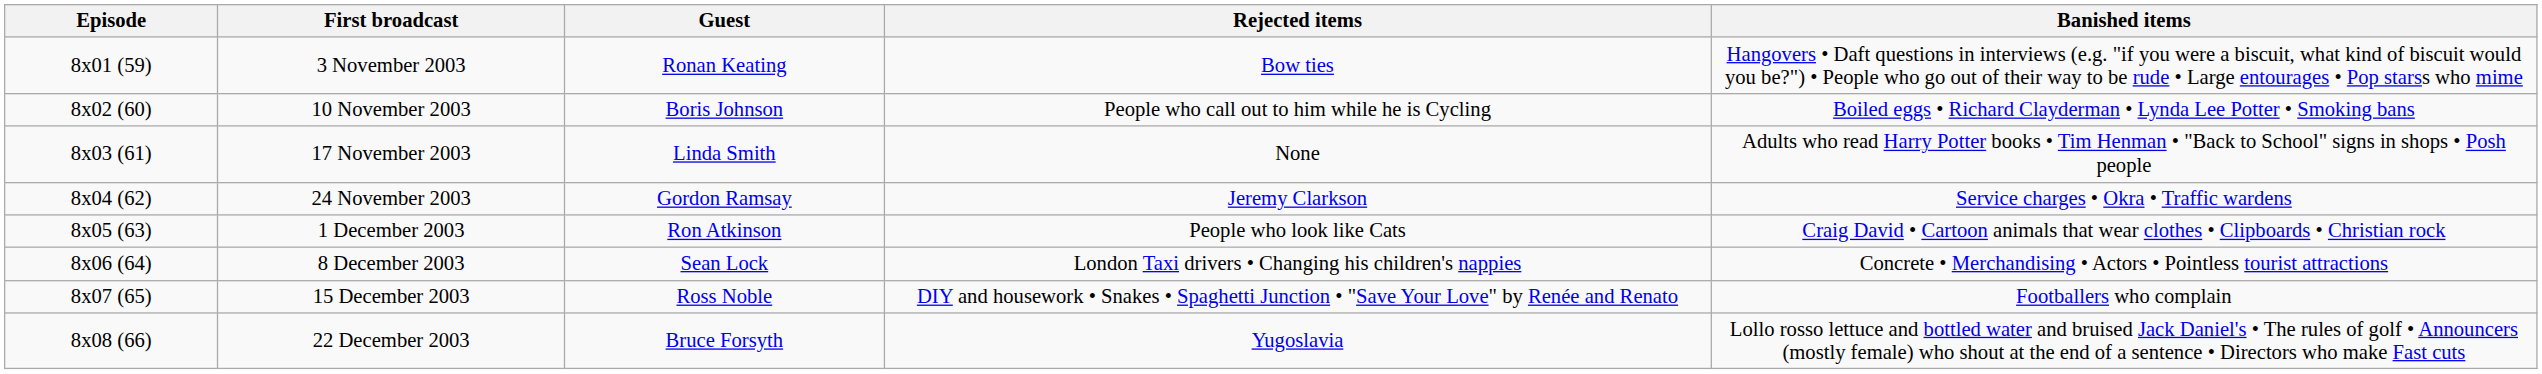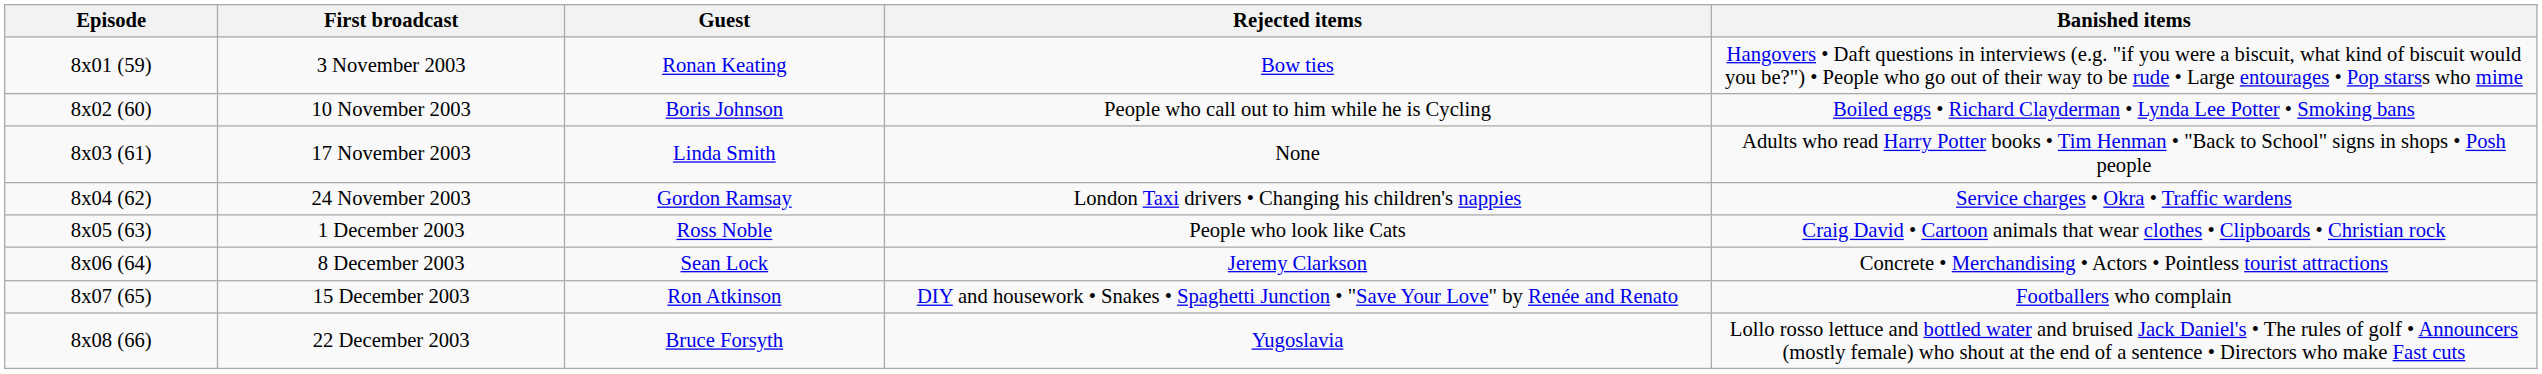 <table class="wikitable"  style="width:99%; left:0 auto; text-align:center;">
 <tr>
 <th style="width:8%;">Episode</th>
 <th style="width:13%;">First broadcast</th>
 <th style="width:12%;">Guest</th>
 <th style="width:31%;">Rejected items</th>
 <th style="width:31%;">Banished items</th>
 </tr>
 <tr>
 <td>8x01 (59)</td>
 <td>3 November 2003</td>
 <td><a href='#'>Ronan Keating</a></td>
 <td><a href='#'>Bow ties</a></td>
 <td><a href='#'>Hangovers</a> • Daft questions in interviews (e.g. "if you were a biscuit, what kind of biscuit would you be?") • People who go out of their way to be <a href='#'>rude</a> • Large <a href='#'>entourages</a> • <a href='#'>Pop stars</a>s who <a href='#'>mime</a></td>
 </tr>
 <tr>
 <td>8x02 (60)</td>
 <td>10 November 2003</td>
 <td><a href='#'>Boris Johnson</a></td>
 <td>People who call out to him while he is Cycling</td>
 <td><a href='#'>Boiled eggs</a> • <a href='#'>Richard Clayderman</a> • <a href='#'>Lynda Lee Potter</a> • <a href='#'>Smoking bans</a></td>
 </tr>
 <tr>
 <td>8x03 (61)</td>
 <td>17 November 2003</td>
 <td><a href='#'>Linda Smith</a></td>
 <td>None</td>
 <td>Adults who read <a href='#'>Harry Potter</a> books • <a href='#'>Tim Henman</a> • "Back to School" signs in shops • <a href='#'>Posh</a> people</td>
 </tr>
 <tr>
 <td>8x04 (62)</td>
 <td>24 November 2003</td>
 <td><a href='#'>Gordon Ramsay</a></td>
-<td><a href='#'>Jeremy Clarkson</a></td>
+<td>London <a href='#'>Taxi</a> drivers • Changing his children's <a href='#'>nappies</a></td>
 <td><a href='#'>Service charges</a> • <a href='#'>Okra</a> • <a href='#'>Traffic wardens</a></td>
 </tr>
 <tr>
 <td>8x05 (63)</td>
 <td>1 December 2003</td>
-<td><a href='#'>Ron Atkinson</a></td>
+<td><a href='#'>Ross Noble</a></td>
 <td>People who look like Cats</td>
 <td><a href='#'>Craig David</a> • <a href='#'>Cartoon</a> animals that wear <a href='#'>clothes</a> • <a href='#'>Clipboards</a> • <a href='#'>Christian rock</a></td>
 </tr>
 <tr>
 <td>8x06 (64)</td>
 <td>8 December 2003</td>
 <td><a href='#'>Sean Lock</a></td>
-<td>London <a href='#'>Taxi</a> drivers • Changing his children's <a href='#'>nappies</a></td>
+<td><a href='#'>Jeremy Clarkson</a></td>
 <td>Concrete • <a href='#'>Merchandising</a> • Actors • Pointless <a href='#'>tourist attractions</a></td>
 </tr>
 <tr>
 <td>8x07 (65)</td>
 <td>15 December 2003</td>
-<td><a href='#'>Ross Noble</a></td>
+<td><a href='#'>Ron Atkinson</a></td>
 <td><a href='#'>DIY</a> and housework • Snakes • <a href='#'>Spaghetti Junction</a> • "<a href='#'>Save Your Love</a>" by <a href='#'>Renée and Renato</a></td>
 <td><a href='#'>Footballers</a> who complain</td>
 </tr>
 <tr>
 <td>8x08 (66)</td>
 <td>22 December 2003</td>
 <td><a href='#'>Bruce Forsyth</a></td>
 <td><a href='#'>Yugoslavia</a></td>
 <td>Lollo rosso lettuce and <a href='#'>bottled water</a> and bruised <a href='#'>Jack Daniel's</a> • The rules of golf • <a href='#'>Announcers</a> (mostly female) who shout at the end of a sentence • Directors who make <a href='#'>Fast cuts</a></td>
 </tr>
 </table>
